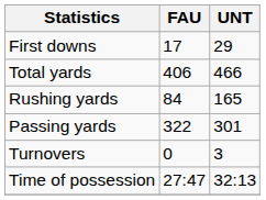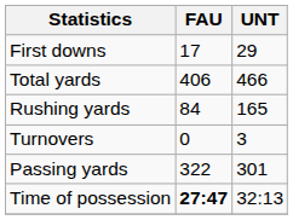 <table class="wikitable">
 <tr>
 <th>Statistics</th>
 <th>FAU</th>
 <th>UNT</th>
 </tr>
 <tr>
 <td>First downs</td>
 <td>17</td>
 <td>29</td>
 </tr>
 <tr>
 <td>Total yards</td>
 <td>406</td>
 <td>466</td>
 </tr>
 <tr>
 <td>Rushing yards</td>
 <td>84</td>
 <td>165</td>
 </tr>
 <tr>
+<td>Turnovers</td>
+<td>0</td>
+<td>3</td>
+</tr>
+<tr>
 <td>Passing yards</td>
 <td>322</td>
 <td>301</td>
 </tr>
 <tr>
-<td>Turnovers</td>
-<td>0</td>
-<td>3</td>
-</tr>
-<tr>
 <td>Time of possession</td>
-<td>27:47</td>
+<td><strong>27:47</strong></td>
 <td>32:13</td>
 </tr>
 <tr>
 </tr>
 </table>
